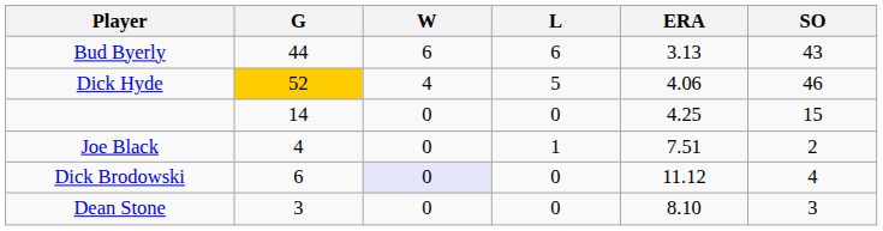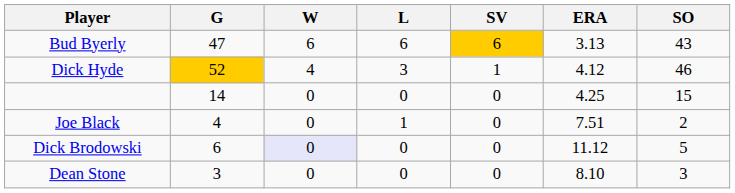 <table class="wikitable sortable">
 <tr>
 <th bgcolor="#DDDDFF" width="16%">Player</th>
 <th bgcolor="#DDDDFF" width="9%">G</th>
 <th bgcolor="#DDDDFF" width="9%">W</th>
 <th bgcolor="#DDDDFF" width="9%">L</th>
+<th bgcolor="#DDDDFF" width="9%">SV</th>
 <th bgcolor="#DDDDFF" width="9%">ERA</th>
 <th bgcolor="#DDDDFF" width="9%">SO</th>
 </tr>
 <tr align="center">
 <td><a href='#'>Bud Byerly</a></td>
-<td>44</td>
+<td>47</td>
 <td>6</td>
 <td>6</td>
+<td style="background:#fc0;">6</td>
 <td>3.13</td>
 <td>43</td>
 </tr>
 <tr align=center>
 <td><a href='#'>Dick Hyde</a></td>
 <td style="background:#fc0;">52</td>
 <td>4</td>
-<td>5</td>
-<td>4.06</td>
+<td>3</td>
+<td>1</td>
+<td>4.12</td>
 <td>46</td>
 </tr>
 <tr align="center">
 <td></td>
 <td>14</td>
+<td>0</td>
 <td>0</td>
 <td>0</td>
 <td>4.25</td>
 <td>15</td>
 </tr>
 <tr align="center">
 <td><a href='#'>Joe Black</a></td>
 <td>4</td>
 <td>0</td>
 <td>1</td>
+<td>0</td>
 <td>7.51</td>
 <td>2</td>
 </tr>
 <tr align="center">
 <td><a href='#'>Dick Brodowski</a></td>
 <td>6</td>
 <td style="background: lavender;">0</td>
 <td>0</td>
+<td>0</td>
 <td>11.12</td>
-<td>4</td>
+<td>5</td>
 </tr>
 <tr align="center">
 <td><a href='#'>Dean Stone</a></td>
 <td>3</td>
 <td>0</td>
 <td>0</td>
+<td>0</td>
 <td>8.10</td>
 <td>3</td>
 </tr>
 </table>
